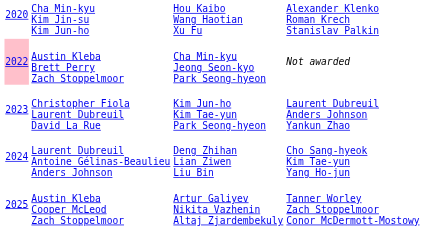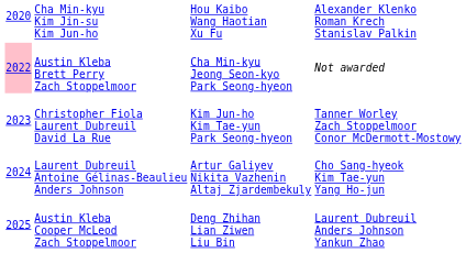 <table>
 <tr>
 <td><a href='#'>2020</a></td>
 <td><br><a href='#'>Cha Min-kyu</a><br><a href='#'>Kim Jin-su</a><br><a href='#'>Kim Jun-ho</a></td>
 <td><br><a href='#'>Hou Kaibo</a><br><a href='#'>Wang Haotian</a><br><a href='#'>Xu Fu</a></td>
 <td><br><a href='#'>Alexander Klenko</a><br><a href='#'>Roman Krech</a><br><a href='#'>Stanislav Palkin</a></td>
 </tr>
 <tr>
 <td style="background: pink;"><a href='#'>2022</a></td>
 <td><br><a href='#'>Austin Kleba</a><br><a href='#'>Brett Perry</a><br><a href='#'>Zach Stoppelmoor</a></td>
 <td><br><a href='#'>Cha Min-kyu</a><br><a href='#'>Jeong Seon-kyo</a><br><a href='#'>Park Seong-hyeon</a></td>
 <td><em>Not awarded</em></td>
 </tr>
 <tr>
 <td><a href='#'>2023</a></td>
 <td><br><a href='#'>Christopher Fiola</a><br><a href='#'>Laurent Dubreuil</a><br><a href='#'>David La Rue</a></td>
 <td><br><a href='#'>Kim Jun-ho</a><br><a href='#'>Kim Tae-yun</a><br><a href='#'>Park Seong-hyeon</a></td>
-<td><br><a href='#'>Laurent Dubreuil</a><br><a href='#'>Anders Johnson</a><br><a href='#'>Yankun Zhao</a></td>
+<td><br><a href='#'>Tanner Worley</a><br><a href='#'>Zach Stoppelmoor</a><br><a href='#'>Conor McDermott-Mostowy</a></td>
 </tr>
 <tr>
 <td><a href='#'>2024</a></td>
 <td><br><a href='#'>Laurent Dubreuil</a><br><a href='#'>Antoine Gélinas-Beaulieu</a><br><a href='#'>Anders Johnson</a></td>
-<td><br><a href='#'>Deng Zhihan</a><br><a href='#'>Lian Ziwen</a><br><a href='#'>Liu Bin</a></td>
+<td><br><a href='#'>Artur Galiyev</a><br><a href='#'>Nikita Vazhenin</a><br><a href='#'>Altaj Zjardembekuly</a></td>
 <td><br><a href='#'>Cho Sang-hyeok</a><br><a href='#'>Kim Tae-yun</a><br><a href='#'>Yang Ho-jun</a></td>
 </tr>
 <tr>
 <td><a href='#'>2025</a></td>
 <td><br><a href='#'>Austin Kleba</a><br><a href='#'>Cooper McLeod</a><br><a href='#'>Zach Stoppelmoor</a></td>
-<td><br><a href='#'>Artur Galiyev</a><br><a href='#'>Nikita Vazhenin</a><br><a href='#'>Altaj Zjardembekuly</a></td>
-<td><br><a href='#'>Tanner Worley</a><br><a href='#'>Zach Stoppelmoor</a><br><a href='#'>Conor McDermott-Mostowy</a></td>
+<td><br><a href='#'>Deng Zhihan</a><br><a href='#'>Lian Ziwen</a><br><a href='#'>Liu Bin</a></td>
+<td><br><a href='#'>Laurent Dubreuil</a><br><a href='#'>Anders Johnson</a><br><a href='#'>Yankun Zhao</a></td>
 </tr>
 </table>
